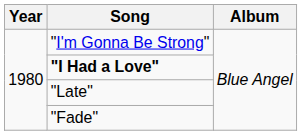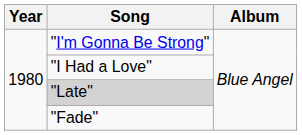 <table class="wikitable">
 <tr>
 <th>Year</th>
 <th>Song</th>
 <th>Album</th>
 </tr>
 <tr>
 <td align=center rowspan=4>1980</td>
 <td>"<a href='#'>I'm Gonna Be Strong</a>"</td>
 <td rowspan=4><em>Blue Angel</em></td>
 </tr>
 <tr>
-<td><strong>"I Had a Love"</strong></td>
+<td>"I Had a Love"</td>
 </tr>
 <tr>
-<td>"Late"</td>
+<td style="background: lightgrey;">"Late"</td>
 </tr>
 <tr>
 <td>"Fade"</td>
 </tr>
 </table>
